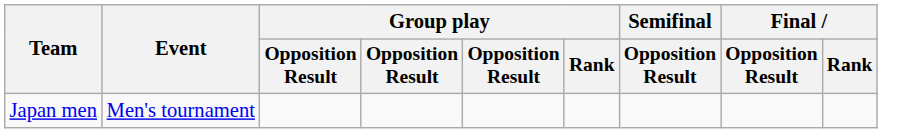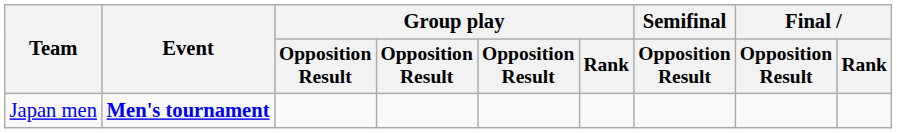 <table class=wikitable style=font-size:90%;text-align:center>
 <tr>
 <th rowspan=2>Team</th>
 <th rowspan=2>Event</th>
 <th colspan=4>Group play</th>
 <th>Semifinal</th>
 <th colspan=2>Final / </th>
 </tr>
 <tr style=font-size:95%>
 <th>Opposition<br>Result</th>
 <th>Opposition<br>Result</th>
 <th>Opposition<br>Result</th>
 <th>Rank</th>
 <th>Opposition<br>Result</th>
 <th>Opposition<br>Result</th>
 <th>Rank</th>
 </tr>
 <tr>
 <td align=left><a href='#'>Japan men</a></td>
-<td align=left><a href='#'>Men's tournament</a></td>
+<td align=left><strong><a href='#'>Men's tournament</a></strong></td>
 <td></td>
 <td></td>
 <td></td>
 <td></td>
 <td></td>
 <td></td>
 <td></td>
 </tr>
 </table>
